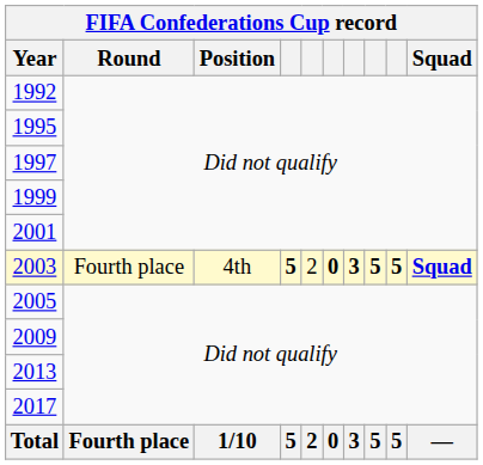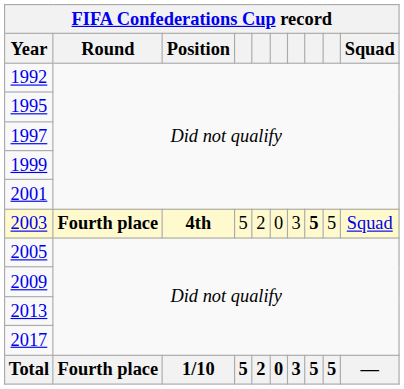 <table class="wikitable" style="text-align: center;">
 <tr>
 <th colspan=10><a href='#'>FIFA Confederations Cup</a> record</th>
 </tr>
 <tr>
 <th>Year</th>
 <th>Round</th>
 <th>Position</th>
 <th></th>
 <th></th>
 <th></th>
 <th></th>
 <th></th>
 <th></th>
 <th>Squad</th>
 </tr>
 <tr>
 <td> <a href='#'>1992</a></td>
 <td colspan=9 rowspan=5><em>Did not qualify</em></td>
 </tr>
 <tr>
 <td> <a href='#'>1995</a></td>
 </tr>
 <tr>
 <td> <a href='#'>1997</a></td>
 </tr>
 <tr>
 <td> <a href='#'>1999</a></td>
 </tr>
 <tr>
 <td>  <a href='#'>2001</a></td>
 </tr>
 <tr style="background:LemonChiffon;">
 <td> <a href='#'>2003</a></td>
-<td>Fourth place</td>
-<td>4th</td>
+<td><strong>Fourth place</strong></td>
+<td><strong>4th</strong></td>
+<td>5</td>
+<td>2</td>
+<td>0</td>
+<td>3</td>
 <td><strong>5</strong></td>
-<td>2</td>
-<td><strong>0</strong></td>
-<td><strong>3</strong></td>
-<td><strong>5</strong></td>
-<td><strong>5</strong></td>
-<td><strong><a href='#'>Squad</a></strong></td>
+<td>5</td>
+<td><a href='#'>Squad</a></td>
 </tr>
 <tr>
 <td> <a href='#'>2005</a></td>
 <td colspan=9 rowspan=4><em>Did not qualify</em></td>
 </tr>
 <tr>
 <td> <a href='#'>2009</a></td>
 </tr>
 <tr>
 <td> <a href='#'>2013</a></td>
 </tr>
 <tr>
 <td> <a href='#'>2017</a></td>
 </tr>
 <tr>
 <th>Total</th>
 <th>Fourth place</th>
 <th>1/10</th>
 <th>5</th>
 <th>2</th>
 <th>0</th>
 <th>3</th>
 <th>5</th>
 <th>5</th>
 <th>—</th>
 </tr>
 </table>
